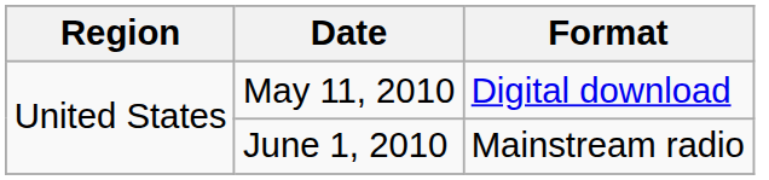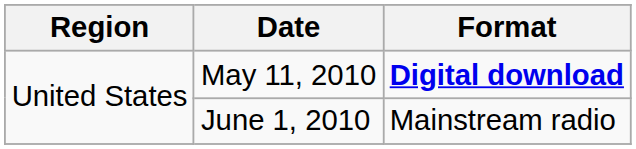 <table class="wikitable">
 <tr>
 <th>Region</th>
 <th>Date</th>
 <th>Format</th>
 </tr>
 <tr>
 <td rowspan="2">United States</td>
 <td>May 11, 2010</td>
-<td><a href='#'>Digital download</a></td>
+<td><strong><a href='#'>Digital download</a></strong></td>
 </tr>
 <tr>
 <td>June 1, 2010</td>
 <td>Mainstream radio</td>
 </tr>
 </table>
